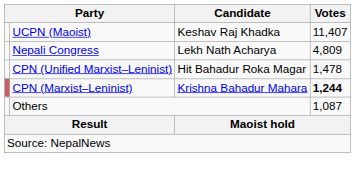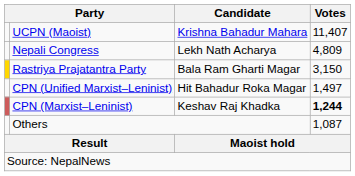 <table class="wikitable">
 <tr>
 <th colspan="2">Party</th>
 <th>Candidate</th>
 <th>Votes</th>
 </tr>
 <tr>
 <td style="background-color:"></td>
 <td><a href='#'>UCPN (Maoist)</a></td>
-<td>Keshav Raj Khadka</td>
+<td><a href='#'>Krishna Bahadur Mahara</a></td>
 <td>11,407</td>
 </tr>
 <tr>
 <td style="background-color:"></td>
 <td><a href='#'>Nepali Congress</a></td>
 <td>Lekh Nath Acharya</td>
 <td>4,809</td>
 </tr>
 <tr>
+<td style="background-color:gold"></td>
+<td><a href='#'>Rastriya Prajatantra Party</a></td>
+<td>Bala Ram Gharti Magar</td>
+<td>3,150</td>
+</tr>
+<tr>
 <td style="background-color:"></td>
 <td><a href='#'>CPN (Unified Marxist–Leninist)</a></td>
 <td>Hit Bahadur Roka Magar</td>
-<td>1,478</td>
+<td>1,497</td>
 </tr>
 <tr>
 <td style="background-color:indianred"></td>
 <td><a href='#'>CPN (Marxist–Leninist)</a></td>
-<td><a href='#'>Krishna Bahadur Mahara</a></td>
+<td>Keshav Raj Khadka</td>
 <td><strong>1,244</strong></td>
 </tr>
 <tr>
 <td></td>
 <td colspan="2">Others</td>
 <td>1,087</td>
 </tr>
 <tr>
 <th colspan="2">Result</th>
 <th colspan="2">Maoist hold</th>
 </tr>
 <tr>
 <td colspan="4">Source: NepalNews</td>
 </tr>
 </table>
